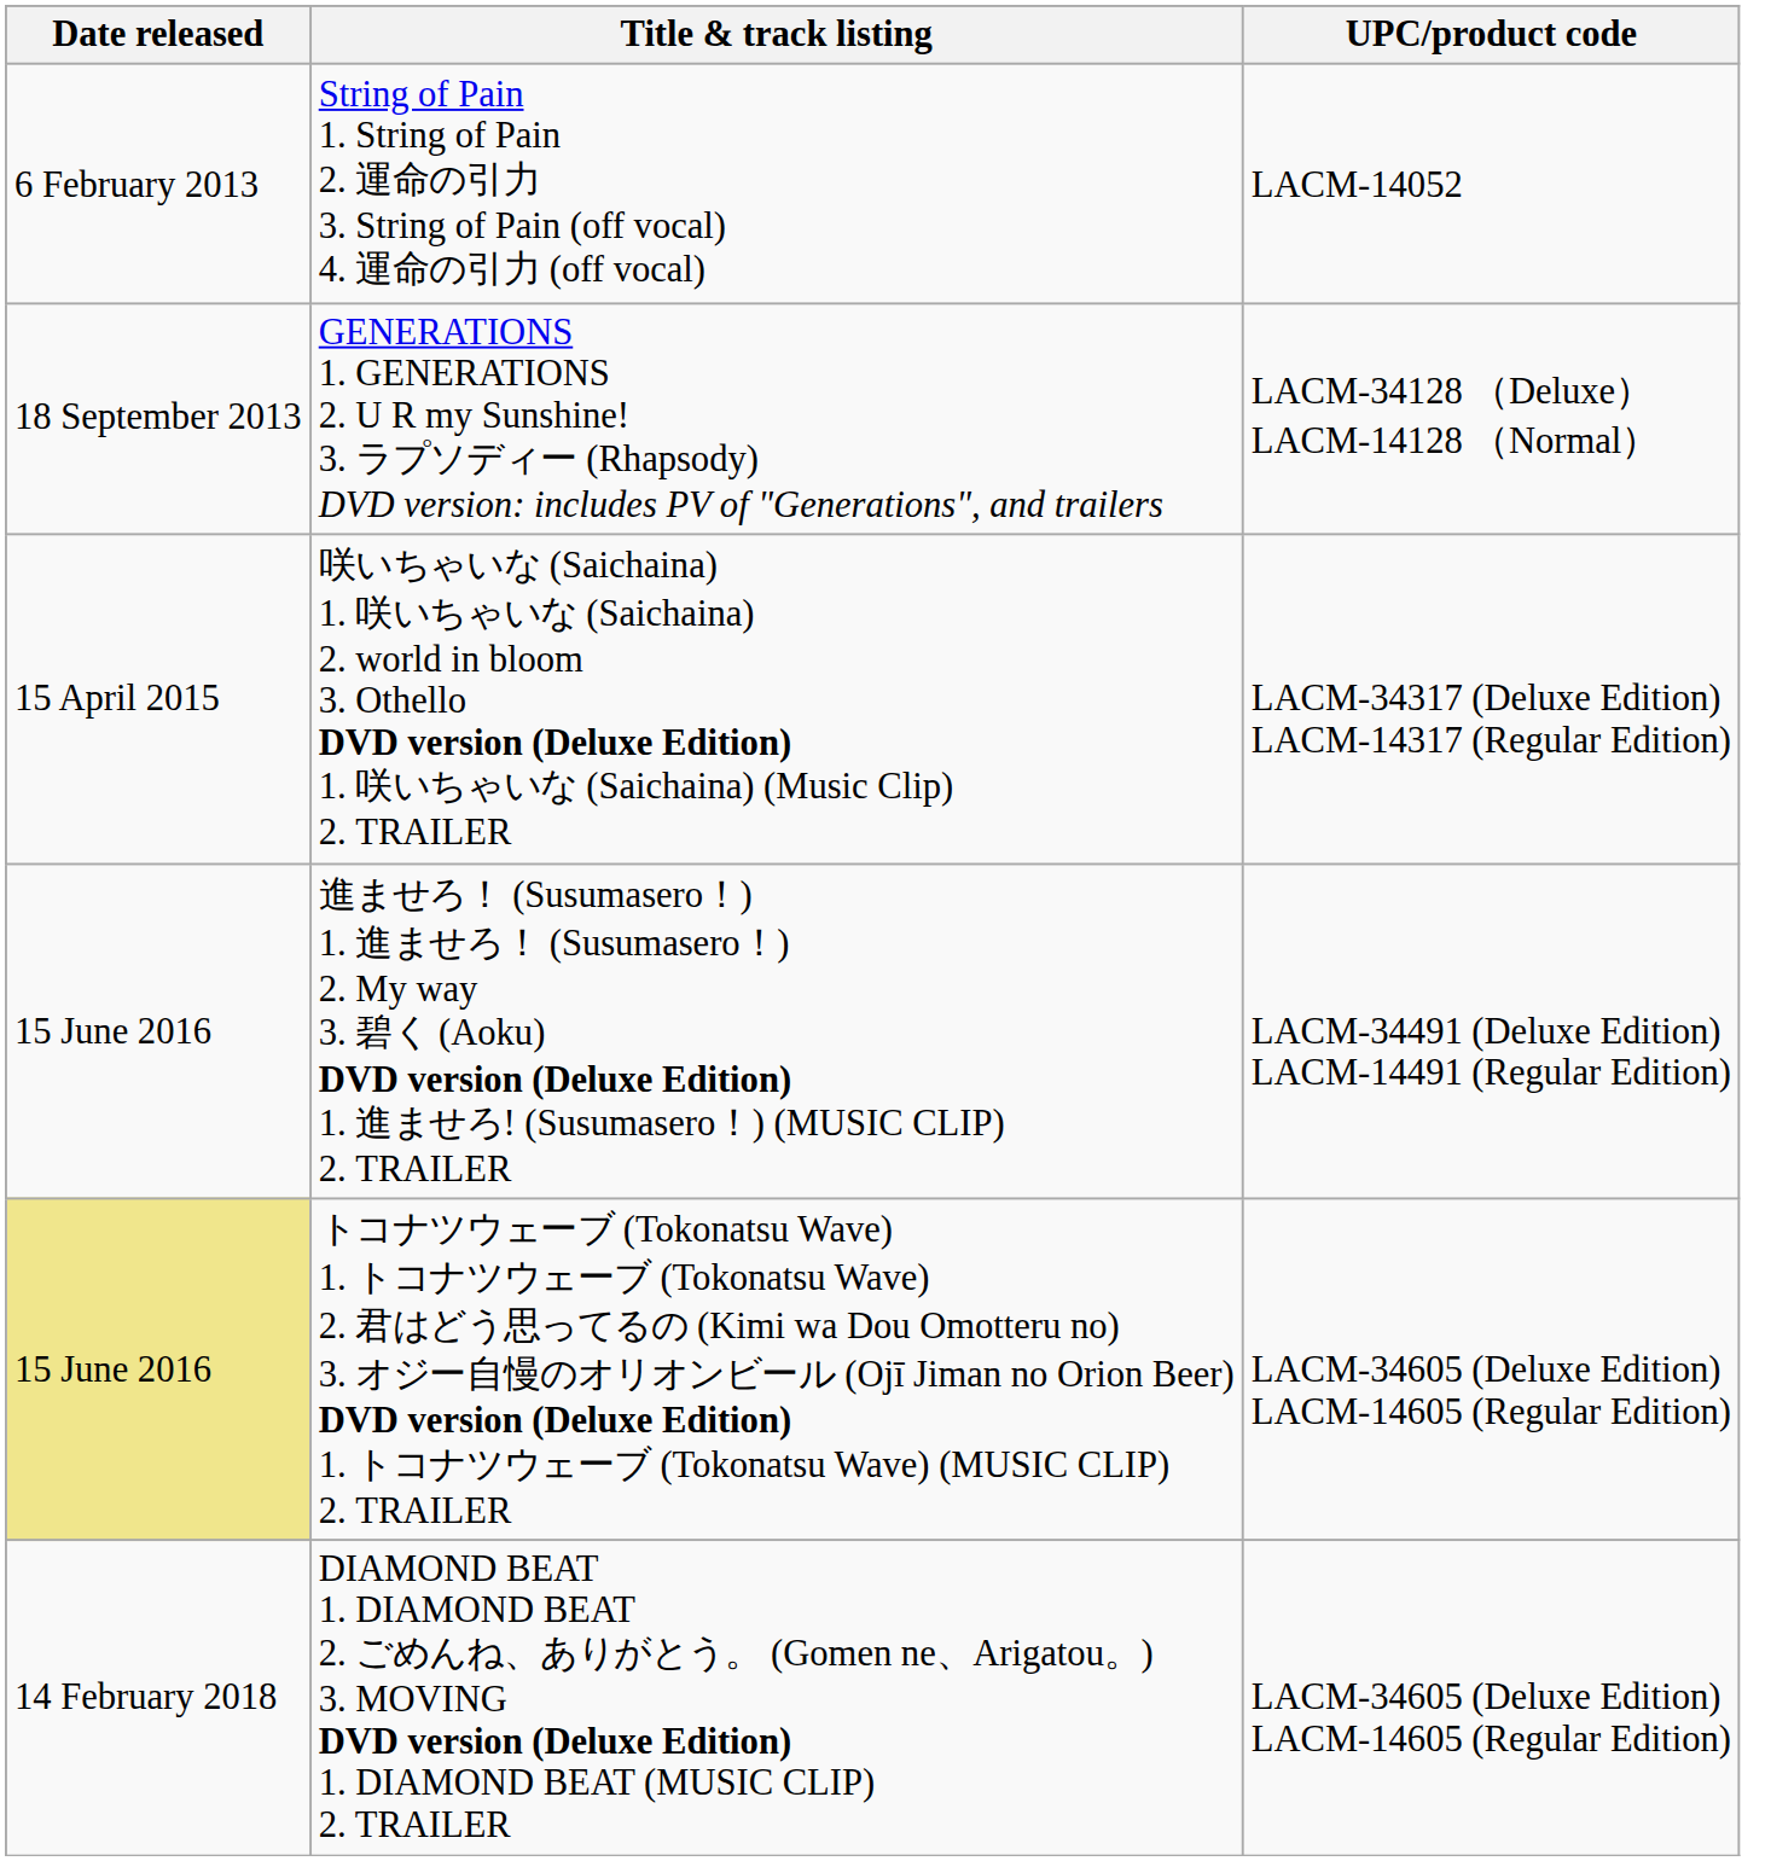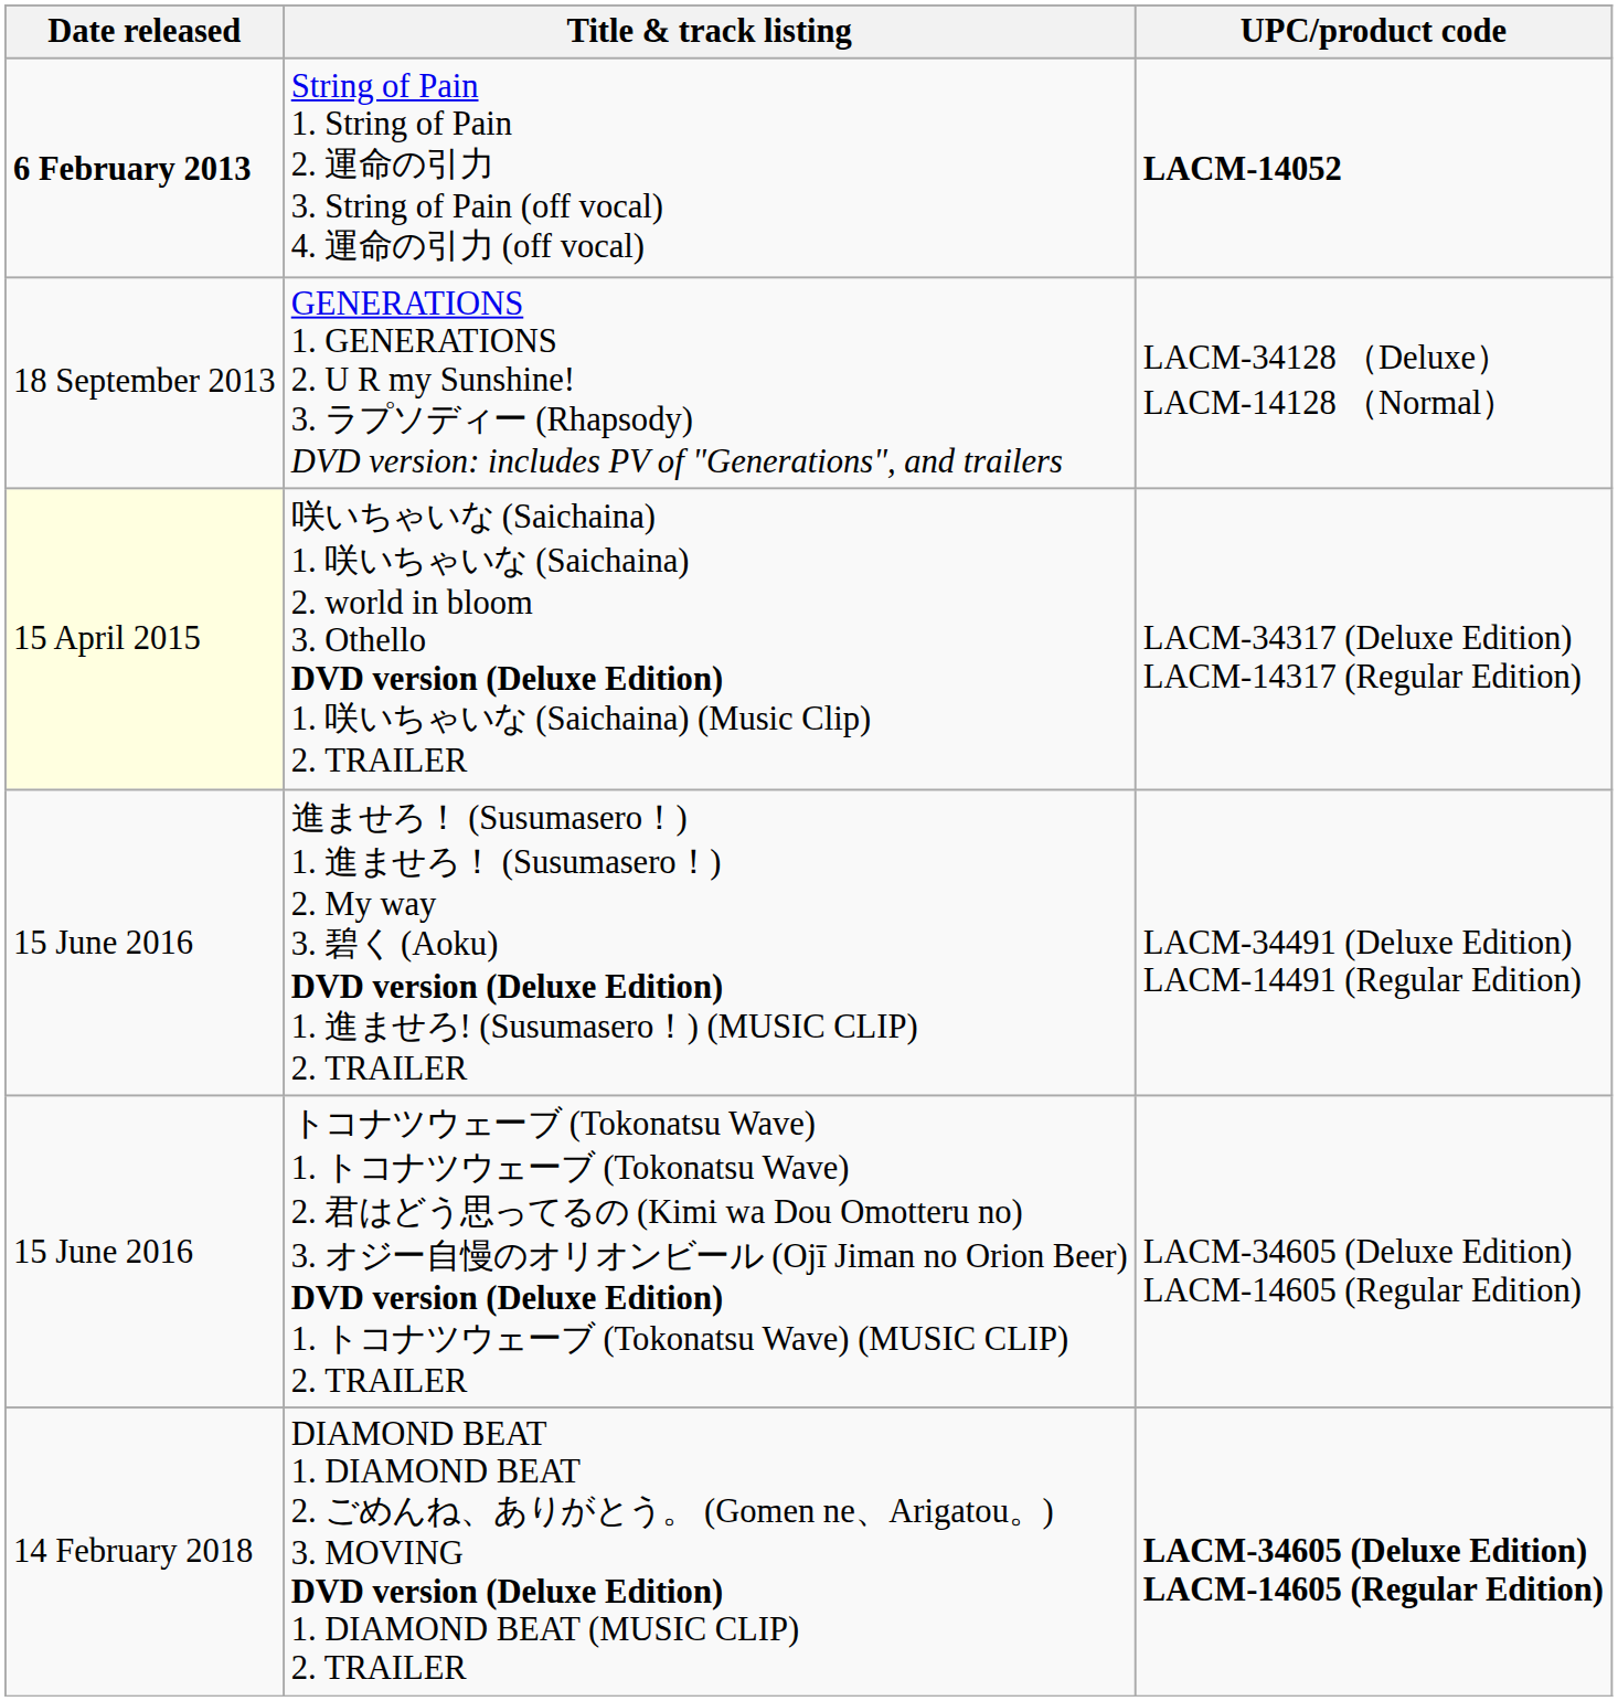 <table class=wikitable>
 <tr>
 <th>Date released</th>
 <th>Title & track listing</th>
 <th>UPC/product code</th>
 </tr>
 <tr>
-<td>6 February 2013</td>
+<td><strong>6 February 2013</strong></td>
 <td><a href='#'>String of Pain</a> <br> 1. String of Pain <br> 2. 運命の引力 <br> 3. String of Pain (off vocal) <br> 4. 運命の引力 (off vocal) <br></td>
-<td>LACM-14052</td>
+<td><strong>LACM-14052</strong></td>
 </tr>
 <tr>
 <td>18 September 2013</td>
 <td><a href='#'>GENERATIONS</a><br> 1. GENERATIONS<br> 2. U R my Sunshine! <br> 3. ラプソディー (Rhapsody) <br> <em>DVD version: includes PV of "Generations", and trailers </em><br></td>
 <td>LACM-34128 （Deluxe）<br> LACM-14128 （Normal）</td>
 </tr>
 <tr>
-<td>15 April 2015</td>
+<td style="background: lightyellow;">15 April 2015</td>
 <td>咲いちゃいな (Saichaina) <br>1. 咲いちゃいな (Saichaina)<br> 2. world in bloom<br> 3. Othello<br> <strong>DVD version (Deluxe Edition)</strong><br> 1. 咲いちゃいな (Saichaina) (Music Clip)<br> 2. TRAILER <br></td>
 <td><br>LACM-34317 (Deluxe Edition)<br> LACM-14317 (Regular Edition)</td>
 </tr>
 <tr>
 <td>15 June 2016</td>
 <td>進ませろ！ (Susumasero！) <br>1. 進ませろ！ (Susumasero！)<br> 2. My way<br> 3. 碧く (Aoku)<br> <strong>DVD version (Deluxe Edition)</strong><br> 1. 進ませろ! (Susumasero！) (MUSIC CLIP)<br> 2. TRAILER <br></td>
 <td><br>LACM-34491 (Deluxe Edition)<br> LACM-14491 (Regular Edition)</td>
 </tr>
 <tr>
-<td style="background: khaki;">15 June 2016</td>
+<td>15 June 2016</td>
 <td>トコナツウェーブ (Tokonatsu Wave) <br>1. トコナツウェーブ (Tokonatsu Wave) <br> 2. 君はどう思ってるの (Kimi wa Dou Omotteru no)<br> 3. オジー自慢のオリオンビール (Ojī Jiman no Orion Beer)<br> <strong>DVD version (Deluxe Edition)</strong><br> 1. トコナツウェーブ (Tokonatsu Wave) (MUSIC CLIP)<br> 2. TRAILER <br></td>
 <td><br>LACM-34605 (Deluxe Edition)<br> LACM-14605 (Regular Edition)</td>
 </tr>
 <tr>
 <td>14 February 2018</td>
 <td>DIAMOND BEAT <br>1. DIAMOND BEAT <br> 2. ごめんね、ありがとう。 (Gomen ne、Arigatou。)<br> 3. MOVING<br> <strong>DVD version (Deluxe Edition)</strong><br> 1. DIAMOND BEAT (MUSIC CLIP)<br> 2. TRAILER <br></td>
-<td><br>LACM-34605 (Deluxe Edition)<br> LACM-14605 (Regular Edition)</td>
+<td><strong><br>LACM-34605 (Deluxe Edition)<br> LACM-14605 (Regular Edition)</strong></td>
 </tr>
 <tr>
 </tr>
 </table>
